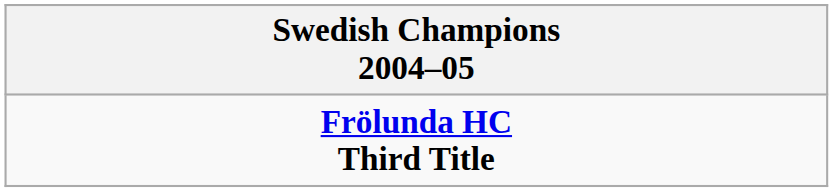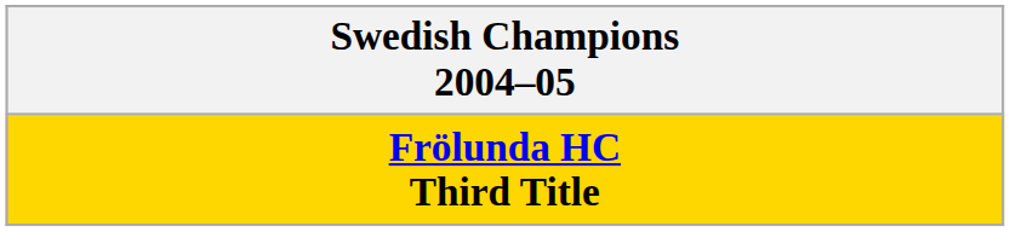 <table class="wikitable" style="text-align: center; margin: 0 auto; width: 20%">
 <tr>
 <th>Swedish Champions<br>2004–05</th>
 </tr>
 <tr>
-<td><strong><a href='#'>Frölunda HC</a></strong><br><strong>Third Title</strong></td>
+<td style="background: gold;"><strong><a href='#'>Frölunda HC</a></strong><br><strong>Third Title</strong></td>
 </tr>
 </table>
